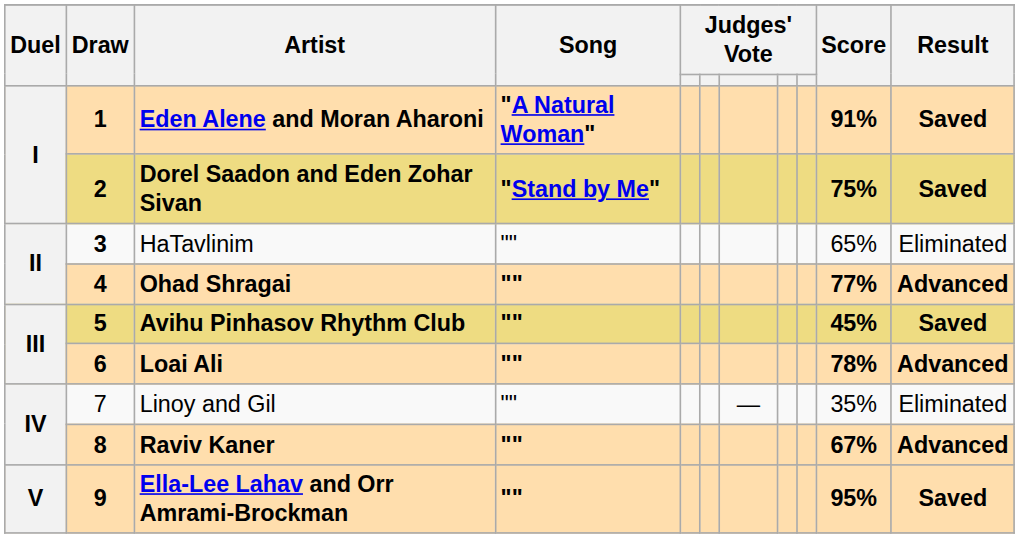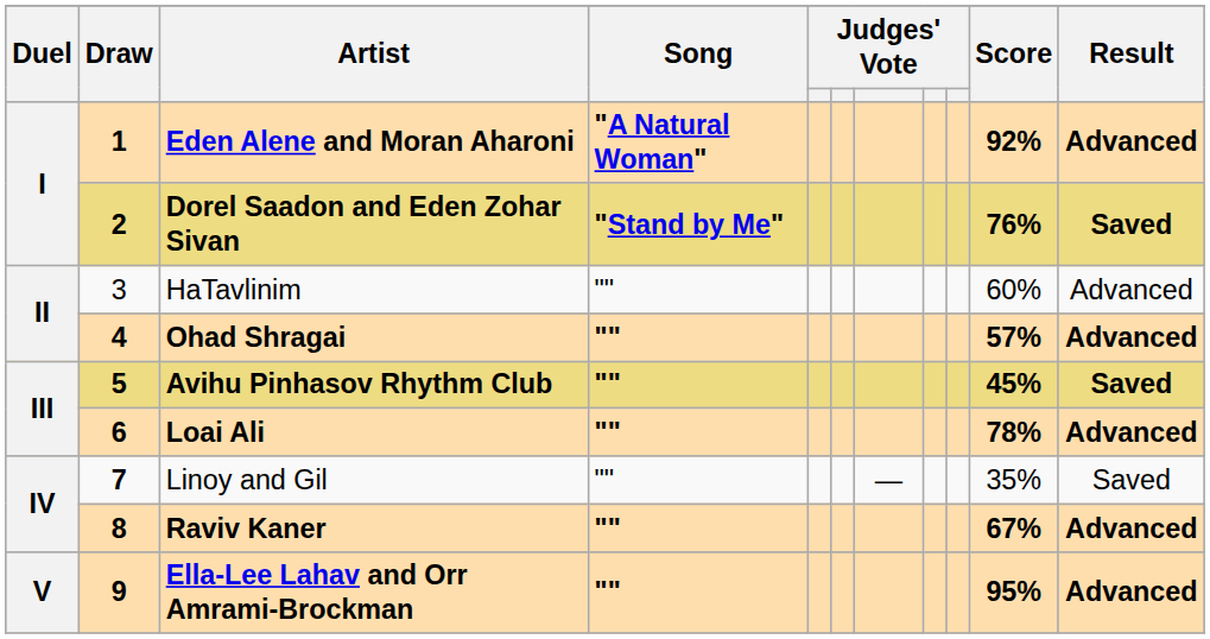 <table class="sortable wikitable" style="margin: 1em auto 1em auto; text-align:center; font-size:90%; line-height:18px;">
 <tr>
 </tr>
 <tr>
 <th rowspan="2" class="unsortable">Duel</th>
 <th rowspan="2">Draw</th>
 <th rowspan="2">Artist</th>
 <th rowspan="2">Song</th>
 <th colspan="5" class="unsortable">Judges' Vote</th>
 <th rowspan="2">Score</th>
 <th rowspan="2">Result</th>
 </tr>
 <tr>
 <th class="unsortable"></th>
 <th class="unsortable"></th>
 <th class="unsortable"></th>
 <th class="unsortable"></th>
 <th class="unsortable"></th>
 </tr>
 <tr style="font-weight:bold; background:navajowhite;">
 <th rowspan="2">I</th>
 <td>1</td>
 <td align="left"><a href='#'>Eden Alene</a> and Moran Aharoni</td>
 <td align="left">"<a href='#'>A Natural Woman</a>"</td>
 <td></td>
 <td></td>
 <td></td>
 <td></td>
 <td></td>
-<td>91%</td>
-<td>Saved</td>
+<td>92%</td>
+<td>Advanced</td>
 </tr>
 <tr style="font-weight:bold; background:#eedc82;">
 <td>2</td>
 <td align="left">Dorel Saadon and Eden Zohar Sivan</td>
 <td align="left">"<a href='#'>Stand by Me</a>"</td>
 <td></td>
 <td></td>
 <td></td>
 <td></td>
 <td></td>
-<td>75%</td>
+<td>76%</td>
 <td>Saved</td>
 </tr>
 <tr>
 <th rowspan="2">II</th>
-<td><strong>3</strong></td>
+<td>3</td>
 <td align="left">HaTavlinim</td>
 <td align="left">""</td>
 <td></td>
 <td></td>
 <td></td>
 <td></td>
 <td></td>
-<td>65%</td>
-<td>Eliminated</td>
+<td>60%</td>
+<td>Advanced</td>
 </tr>
 <tr style="font-weight:bold; background:navajowhite;">
 <td>4</td>
 <td align="left">Ohad Shragai</td>
 <td align="left">""</td>
 <td></td>
 <td></td>
 <td></td>
 <td></td>
 <td></td>
-<td>77%</td>
+<td>57%</td>
 <td>Advanced</td>
 </tr>
 <tr style="font-weight:bold; background:#eedc82;">
 <th rowspan="2">III</th>
 <td>5</td>
 <td align="left">Avihu Pinhasov Rhythm Club</td>
 <td align="left">""</td>
 <td></td>
 <td></td>
 <td></td>
 <td></td>
 <td></td>
 <td>45%</td>
 <td>Saved</td>
 </tr>
 <tr style="font-weight:bold; background:navajowhite;">
 <td>6</td>
 <td align="left">Loai Ali</td>
 <td align="left">""</td>
 <td></td>
 <td></td>
 <td></td>
 <td></td>
 <td></td>
 <td>78%</td>
 <td>Advanced</td>
 </tr>
 <tr>
 <th rowspan="2">IV</th>
-<td>7</td>
+<td><strong>7</strong></td>
 <td align="left">Linoy and Gil</td>
 <td align="left">""</td>
 <td></td>
 <td></td>
 <td>—</td>
 <td></td>
 <td></td>
 <td>35%</td>
-<td>Eliminated</td>
+<td>Saved</td>
 </tr>
 <tr style="font-weight:bold; background:navajowhite;">
 <td>8</td>
 <td align="left">Raviv Kaner</td>
 <td align="left">""</td>
 <td></td>
 <td></td>
 <td></td>
 <td></td>
 <td></td>
 <td>67%</td>
 <td>Advanced</td>
 </tr>
 <tr style="font-weight:bold; background:navajowhite;">
 <th>V</th>
 <td>9</td>
 <td align="left"><a href='#'>Ella-Lee Lahav</a> and Orr Amrami-Brockman</td>
 <td align="left">""</td>
 <td></td>
 <td></td>
 <td></td>
 <td></td>
 <td></td>
 <td>95%</td>
-<td>Saved</td>
+<td>Advanced</td>
 </tr>
 </table>
